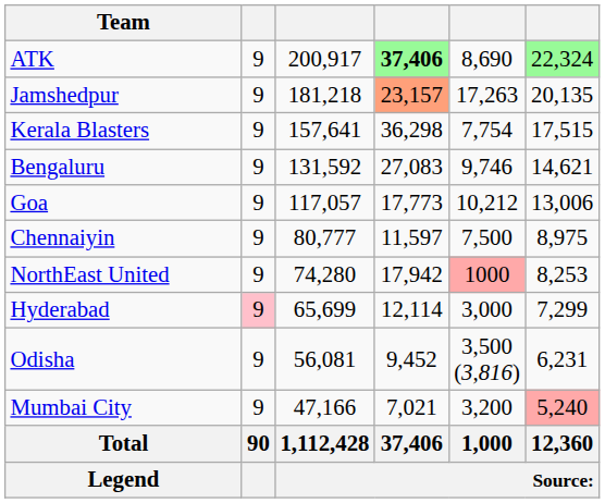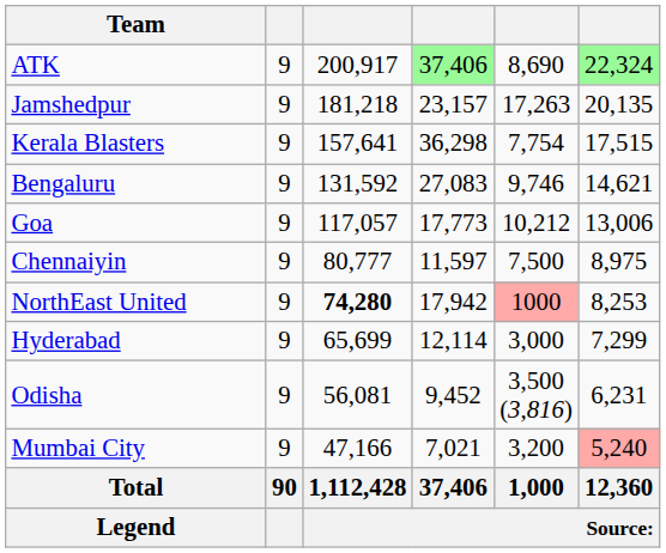 <table class="wikitable sortable">
 <tr>
 <th width=160>Team</th>
 <th></th>
 <th width=45></th>
 <th width=45></th>
 <th width=45></th>
 <th width=45></th>
 </tr>
 <tr>
 <td><a href='#'>ATK</a></td>
 <td align=center>9</td>
 <td align=center>200,917</td>
-<td align=center bgcolor="#98FB98"><strong>37,406</strong></td>
+<td align=center bgcolor="#98FB98">37,406</td>
 <td align=center>8,690</td>
 <td align=center bgcolor="#98FB98">22,324<br></td>
 </tr>
 <tr>
 <td><a href='#'>Jamshedpur</a></td>
 <td align=center>9</td>
 <td align=center>181,218</td>
-<td align=center style="background: lightsalmon;">23,157</td>
+<td align=center>23,157</td>
 <td align=center>17,263</td>
 <td align=center>20,135<br></td>
 </tr>
 <tr>
 <td><a href='#'>Kerala Blasters</a></td>
 <td align=center>9</td>
 <td align=center>157,641</td>
 <td align=center>36,298</td>
 <td align=center>7,754</td>
 <td align=center>17,515<br></td>
 </tr>
 <tr>
 <td><a href='#'>Bengaluru</a></td>
 <td align=center>9</td>
 <td align=center>131,592</td>
 <td align=center>27,083</td>
 <td align=center>9,746</td>
 <td align=center>14,621<br></td>
 </tr>
 <tr>
 <td><a href='#'>Goa</a></td>
 <td align=center>9</td>
 <td align=center>117,057</td>
 <td align=center>17,773</td>
 <td align=center>10,212</td>
 <td align=center>13,006<br></td>
 </tr>
 <tr>
 <td><a href='#'>Chennaiyin</a></td>
 <td align="center">9</td>
 <td align="center">80,777</td>
 <td align="center">11,597</td>
 <td align="center">7,500</td>
 <td align="center">8,975<br></td>
 </tr>
 <tr>
 <td><a href='#'>NorthEast United</a></td>
 <td align="center">9</td>
-<td align="center">74,280</td>
+<td align="center"><strong>74,280</strong></td>
 <td align="center">17,942</td>
 <td align="center" bgcolor="#FFA9A9">1000</td>
 <td align="center">8,253<br></td>
 </tr>
 <tr>
 <td><a href='#'>Hyderabad</a></td>
-<td align=center style="background: pink;">9</td>
+<td align=center>9</td>
 <td align=center>65,699</td>
 <td align=center>12,114</td>
 <td align=center>3,000</td>
 <td align=center>7,299<br></td>
 </tr>
 <tr>
 <td><a href='#'>Odisha</a></td>
 <td align=center>9</td>
 <td align=center>56,081</td>
 <td align=center>9,452</td>
 <td align=center>3,500<br>(<em>3,816</em>)</td>
 <td align=center>6,231<br></td>
 </tr>
 <tr>
 <td><a href='#'>Mumbai City</a></td>
 <td align=center>9</td>
 <td align=center>47,166</td>
 <td align=center>7,021</td>
 <td align=center>3,200</td>
 <td align=center bgcolor="#FFA9A9">5,240<br></td>
 </tr>
 <tr>
 <th>Total</th>
 <th align=center>90</th>
 <th align="center">1,112,428</th>
 <th align="center">37,406</th>
 <th align=center>1,000</th>
 <th align=center>12,360</th>
 </tr>
 <tr>
 <th>Legend</th>
 <th><br></th>
 <th colspan="4" style="text-align:right;"><small>Source:</small></th>
 </tr>
 </table>
